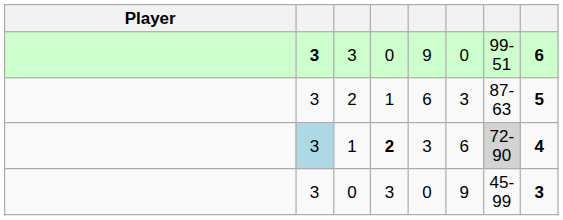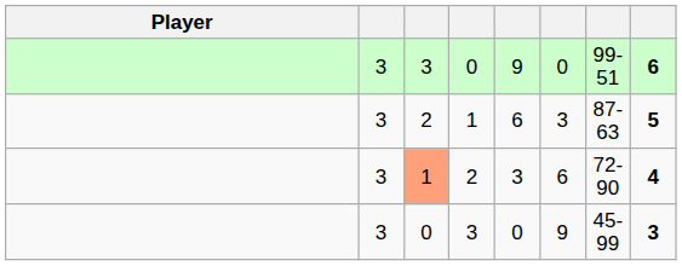 <table class="wikitable" style="text-align: center; font-size:90% ">
 <tr>
 <th width=240>Player</th>
 <th width=25></th>
 <th width=25></th>
 <th width=25></th>
 <th width=25></th>
 <th width=25></th>
 <th width=25></th>
 <th width=25></th>
 </tr>
 <tr bgcolor="ccffcc">
 <td align=left></td>
-<td><strong>3</strong></td>
+<td>3</td>
 <td>3</td>
 <td>0</td>
 <td>9</td>
 <td>0</td>
 <td>99-51</td>
 <td><strong>6</strong></td>
 </tr>
 <tr>
 <td align=left></td>
 <td>3</td>
 <td>2</td>
 <td>1</td>
 <td>6</td>
 <td>3</td>
 <td>87-63</td>
 <td><strong>5</strong></td>
 </tr>
 <tr>
 <td align=left></td>
-<td style="background: lightblue;">3</td>
-<td>1</td>
-<td><strong>2</strong></td>
+<td>3</td>
+<td style="background: lightsalmon;">1</td>
+<td>2</td>
 <td>3</td>
 <td>6</td>
-<td style="background: lightgrey;">72-90</td>
+<td>72-90</td>
 <td><strong>4</strong></td>
 </tr>
 <tr>
 <td align=left></td>
 <td>3</td>
 <td>0</td>
 <td>3</td>
 <td>0</td>
 <td>9</td>
 <td>45-99</td>
 <td><strong>3</strong></td>
 </tr>
 </table>
